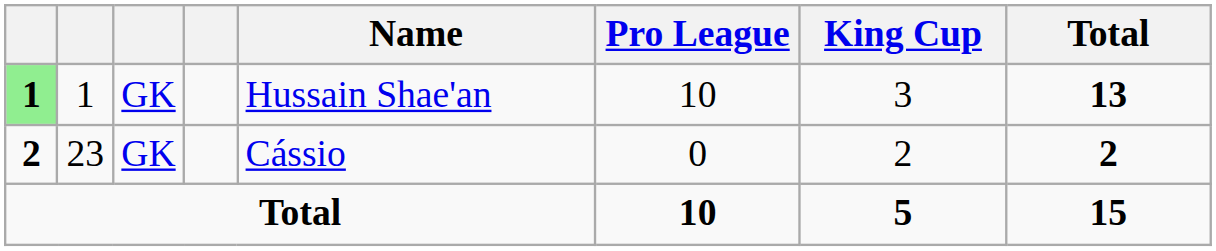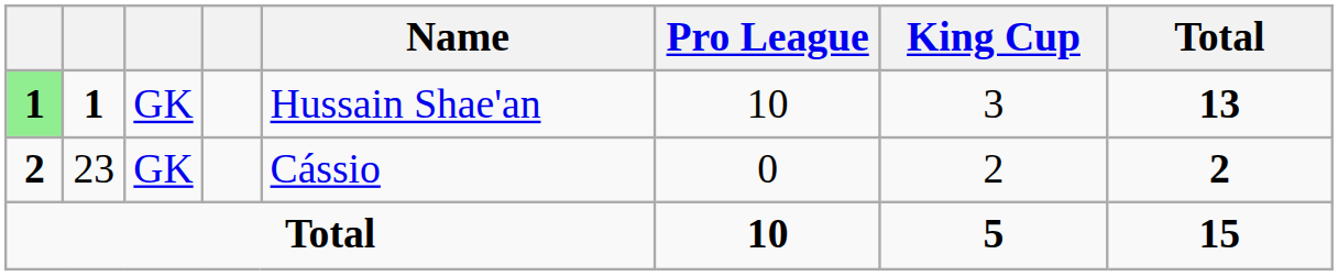 <table class="wikitable" style="text-align:center">
 <tr>
 <th width=15></th>
 <th width=15></th>
 <th width=15></th>
 <th width=15></th>
 <th width=145>Name</th>
 <th width=80><a href='#'>Pro League</a></th>
 <th width=80><a href='#'>King Cup</a></th>
 <th width=80>Total</th>
 </tr>
 <tr>
 <td style="background: lightgreen;"><strong>1</strong></td>
-<td>1</td>
+<td><strong>1</strong></td>
 <td><a href='#'>GK</a></td>
 <td></td>
 <td align=left><a href='#'>Hussain Shae'an</a></td>
 <td>10</td>
 <td>3</td>
 <td><strong>13</strong></td>
 </tr>
 <tr>
 <td><strong>2</strong></td>
 <td>23</td>
 <td><a href='#'>GK</a></td>
 <td></td>
 <td align=left><a href='#'>Cássio</a></td>
 <td>0</td>
 <td>2</td>
 <td><strong>2</strong></td>
 </tr>
 <tr>
 <td colspan=5><strong>Total</strong></td>
 <td><strong>10</strong></td>
 <td><strong>5</strong></td>
 <td><strong>15</strong></td>
 </tr>
 </table>
